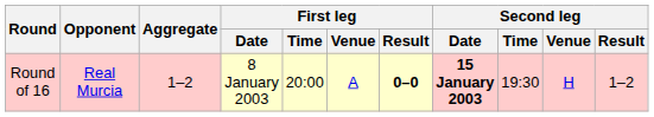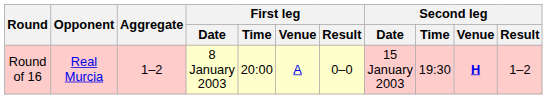 <table class="wikitable" style="font-size:100%; text-align:center">
 <tr>
 <th rowspan="2">Round</th>
 <th rowspan="2">Opponent</th>
 <th rowspan="2">Aggregate</th>
 <th colspan="4">First leg</th>
 <th colspan="4">Second leg</th>
 </tr>
 <tr>
 <th>Date</th>
 <th>Time</th>
 <th>Venue</th>
 <th>Result</th>
 <th>Date</th>
 <th>Time</th>
 <th>Venue</th>
 <th>Result</th>
 </tr>
 <tr bgcolor= FFCCCC>
 <td>Round of 16</td>
 <td><a href='#'>Real Murcia</a></td>
 <td>1–2</td>
 <td bgcolor="#FFFFCC">8 January 2003</td>
 <td bgcolor="#FFFFCC">20:00</td>
 <td bgcolor="#FFFFCC"><a href='#'>A</a></td>
-<td bgcolor="#FFFFCC"><strong>0–0</strong></td>
-<td><strong>15 January 2003</strong></td>
+<td bgcolor="#FFFFCC">0–0</td>
+<td>15 January 2003</td>
 <td>19:30</td>
-<td><a href='#'>H</a></td>
+<td><strong><a href='#'>H</a></strong></td>
 <td>1–2</td>
 </tr>
 </table>
